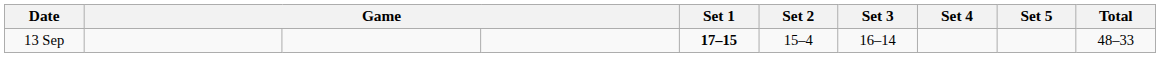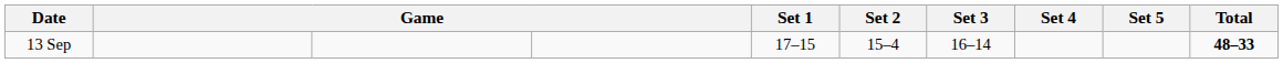 <table width=1200 class="wikitable">
 <tr>
 <th width=6%>Date</th>
 <th width=45% colspan=3>Game</th>
 <th width=6%>Set 1</th>
 <th width=6%>Set 2</th>
 <th width=6%>Set 3</th>
 <th width=6%>Set 4</th>
 <th width=6%>Set 5</th>
 <th width=6%>Total</th>
 </tr>
 <tr style=font-size:95%>
 <td align=center>13 Sep</td>
 <td align=center><strong></strong></td>
 <td></td>
 <td></td>
-<td align=center><strong>17–15</strong></td>
+<td align=center>17–15</td>
 <td align=center>15–4</td>
 <td align=center>16–14</td>
 <td align=center></td>
 <td align=center></td>
-<td align=center>48–33</td>
+<td align=center><strong>48–33</strong></td>
 </tr>
 </table>
